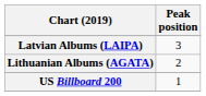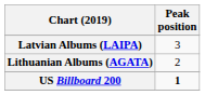 <table class="wikitable sortable plainrowheaders" style="text-align:center">
 <tr>
 <th scope="col">Chart (2019)</th>
 <th scope="col">Peak<br>position</th>
 </tr>
 <tr>
 </tr>
 <tr>
 </tr>
 <tr>
 </tr>
 <tr>
 </tr>
 <tr>
 </tr>
 <tr>
 </tr>
 <tr>
 </tr>
 <tr>
 </tr>
 <tr>
 </tr>
 <tr>
 </tr>
 <tr>
 </tr>
 <tr>
 <th scope="row">Latvian Albums (<a href='#'>LAIPA</a>)</th>
 <td>3</td>
 </tr>
 <tr>
 <th scope="row">Lithuanian Albums (<a href='#'>AGATA</a>)</th>
 <td>2</td>
 </tr>
 <tr>
 </tr>
 <tr>
 </tr>
 <tr>
 </tr>
 <tr>
 </tr>
 <tr>
 </tr>
 <tr>
 </tr>
 <tr>
 <th scope="row">US <a href='#'><em>Billboard</em> 200</a></th>
-<td>1</td>
+<td><strong>1</strong></td>
 </tr>
 <tr>
 </tr>
 </table>
